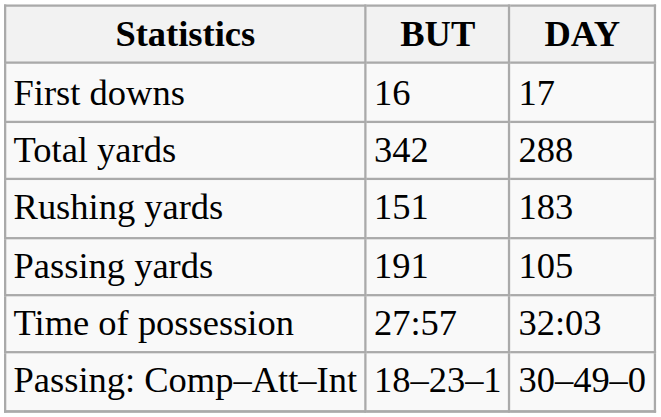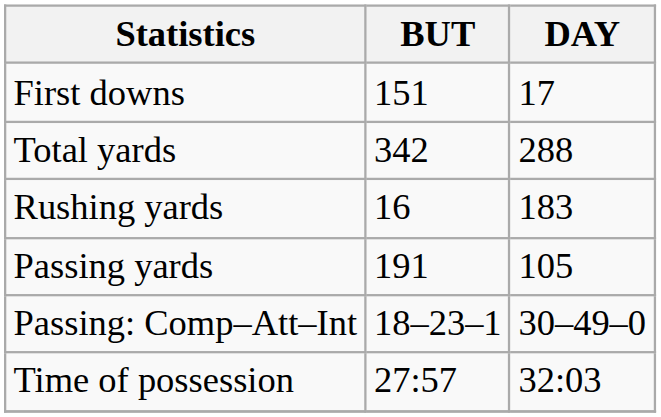 <table class="wikitable" style="float: left;">
 <tr>
 <th>Statistics</th>
 <th>BUT</th>
 <th>DAY</th>
 </tr>
 <tr>
 <td>First downs</td>
-<td>16</td>
+<td>151</td>
 <td>17</td>
 </tr>
 <tr>
 <td>Total yards</td>
 <td>342</td>
 <td>288</td>
 </tr>
 <tr>
 <td>Rushing yards</td>
-<td>151</td>
+<td>16</td>
 <td>183</td>
 </tr>
 <tr>
 <td>Passing yards</td>
 <td>191</td>
 <td>105</td>
 </tr>
 <tr>
+<td>Passing: Comp–Att–Int</td>
+<td>18–23–1</td>
+<td>30–49–0</td>
+</tr>
+<tr>
 <td>Time of possession</td>
 <td>27:57</td>
 <td>32:03</td>
 </tr>
 <tr>
-<td>Passing: Comp–Att–Int</td>
-<td>18–23–1</td>
-<td>30–49–0</td>
-</tr>
-<tr>
 </tr>
 </table>
